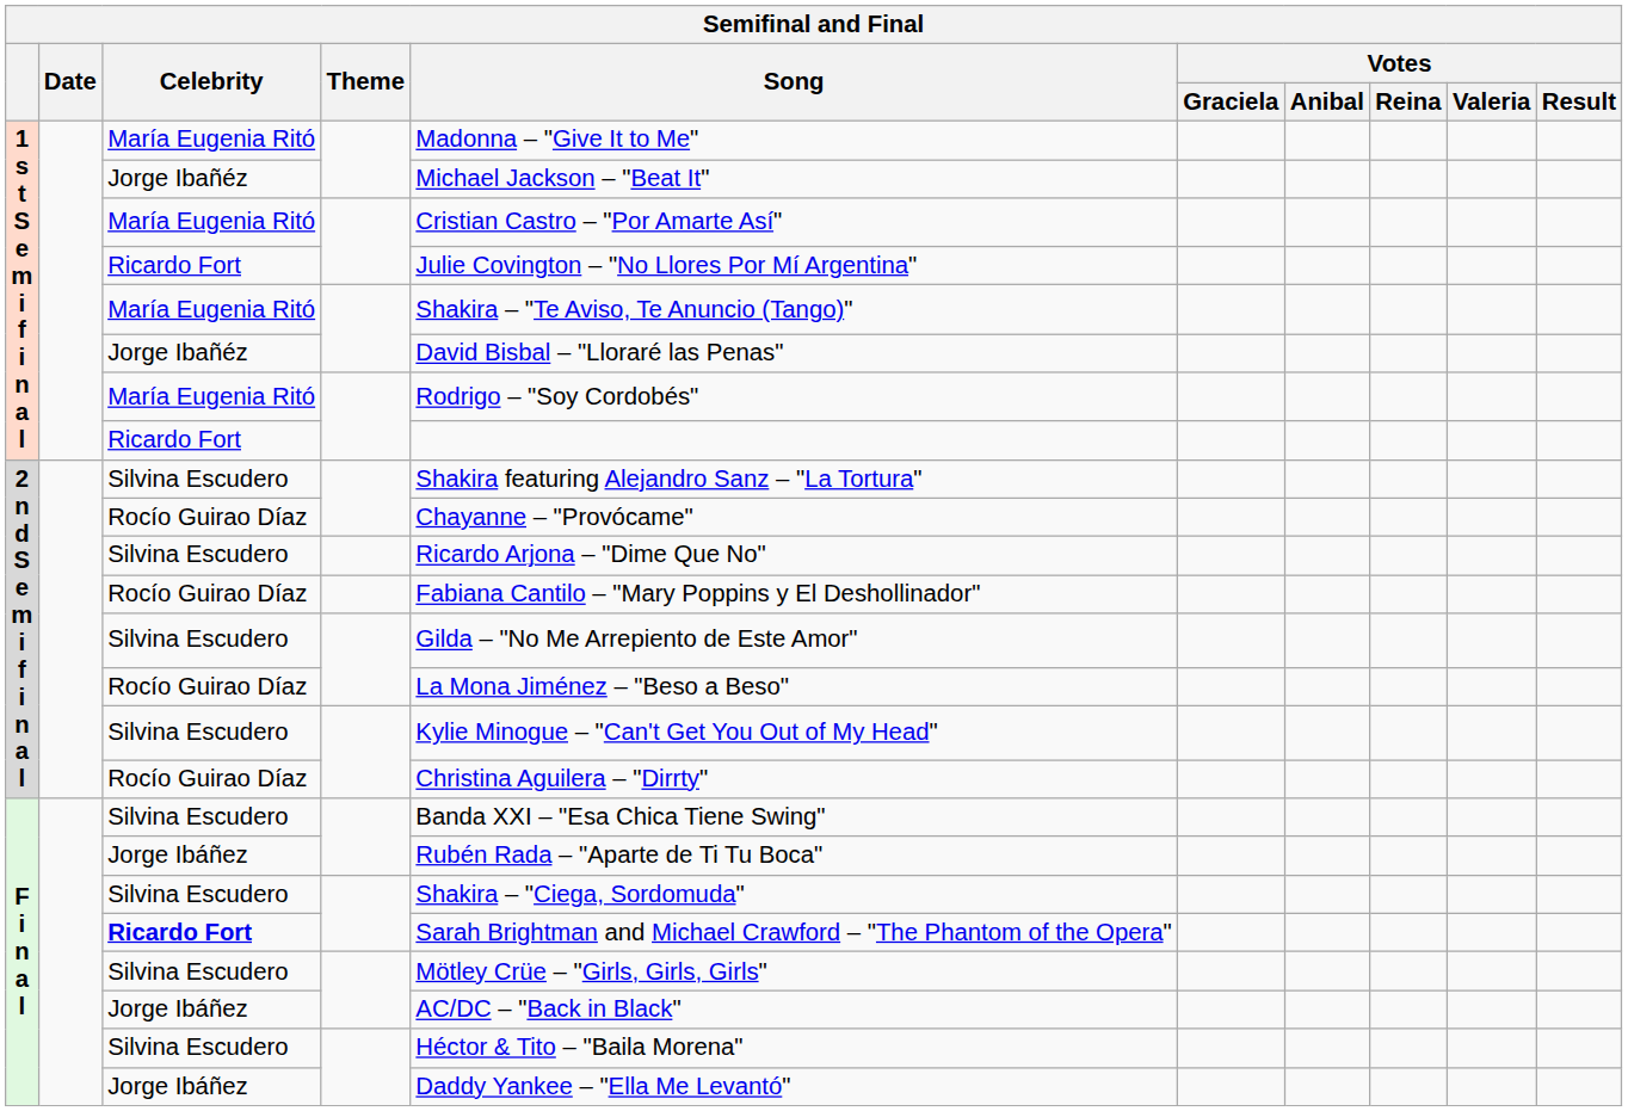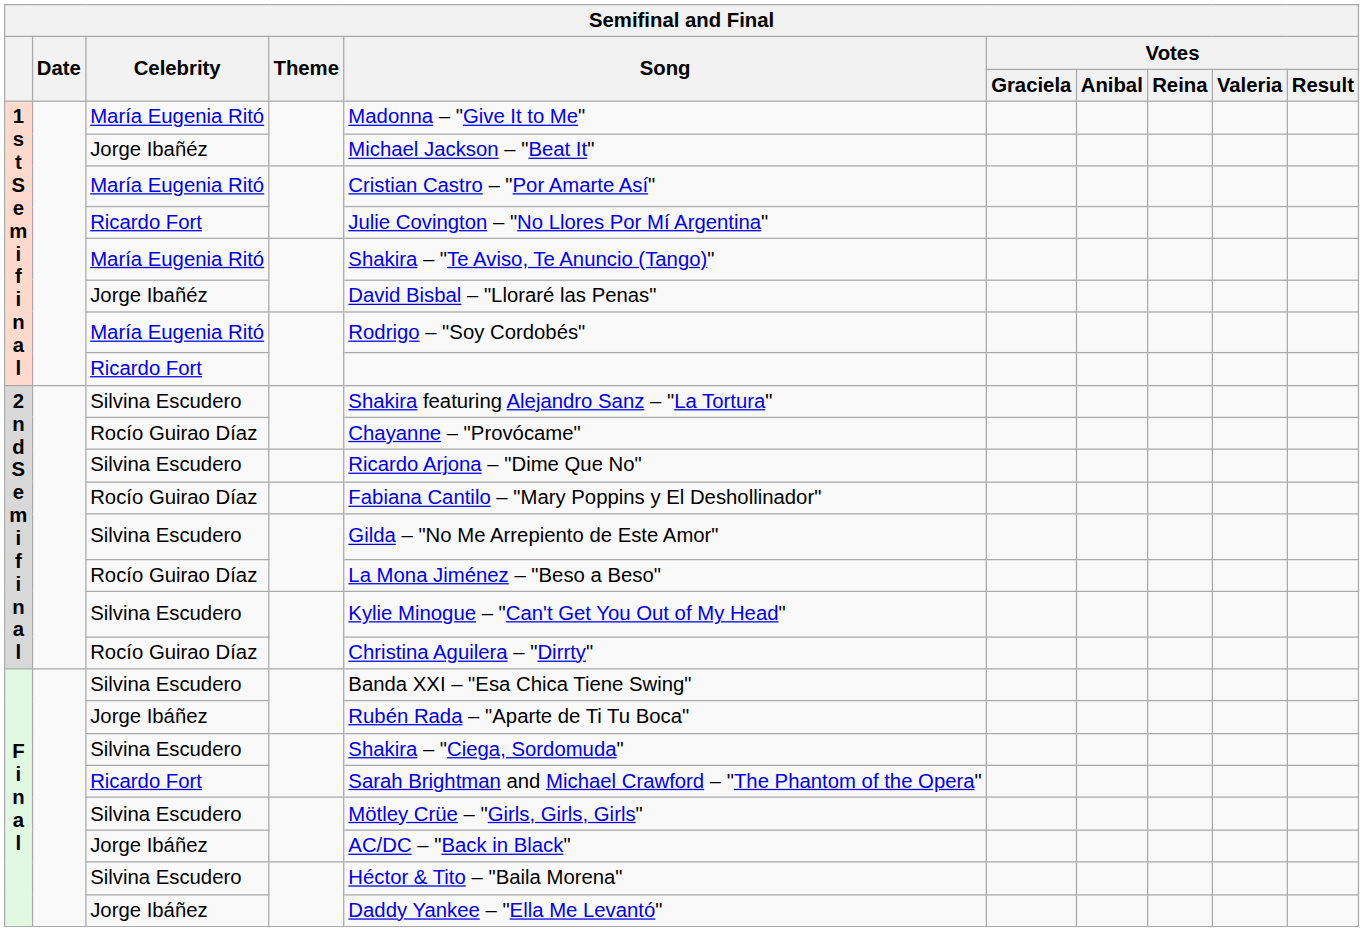 <table class="wikitable collapsible collapsed">
 <tr>
 <th colspan="10" align=center>Semifinal and Final</th>
 </tr>
 <tr>
 <th rowspan="2"></th>
 <th rowspan="2">Date</th>
 <th rowspan="2">Celebrity</th>
 <th rowspan="2">Theme</th>
 <th rowspan="2">Song</th>
 <th colspan="5">Votes</th>
 </tr>
 <tr>
 <th>Graciela</th>
 <th>Anibal</th>
 <th>Reina</th>
 <th>Valeria</th>
 <th>Result</th>
 </tr>
 <tr>
 <th rowspan="8" style="text-align:center; background:#ffdacc; textcolor:#000;"><span>1<br>s<br>t<br>S<br>e<br>m<br>i<br>f<br>i<br>n<br>a<br>l</span></th>
 <td rowspan="8"></td>
 <td><a href='#'>María Eugenia Ritó</a></td>
 <td rowspan="2"></td>
 <td><a href='#'>Madonna</a> – "<a href='#'>Give It to Me</a>"</td>
 <td></td>
 <td></td>
 <td></td>
 <td></td>
 <td></td>
 </tr>
 <tr>
 <td>Jorge Ibañéz</td>
 <td><a href='#'>Michael Jackson</a> – "<a href='#'>Beat It</a>"</td>
 <td></td>
 <td></td>
 <td></td>
 <td></td>
 <td></td>
 </tr>
 <tr>
 <td><a href='#'>María Eugenia Ritó</a></td>
 <td rowspan="2"></td>
 <td><a href='#'>Cristian Castro</a> – "<a href='#'>Por Amarte Así</a>"</td>
 <td></td>
 <td></td>
 <td></td>
 <td></td>
 <td></td>
 </tr>
 <tr>
 <td><a href='#'>Ricardo Fort</a></td>
 <td><a href='#'>Julie Covington</a> – "<a href='#'>No Llores Por Mí Argentina</a>"</td>
 <td></td>
 <td></td>
 <td></td>
 <td></td>
 <td></td>
 </tr>
 <tr>
 <td><a href='#'>María Eugenia Ritó</a></td>
 <td rowspan="2"></td>
 <td><a href='#'>Shakira</a> – "<a href='#'>Te Aviso, Te Anuncio (Tango)</a>"</td>
 <td></td>
 <td></td>
 <td></td>
 <td></td>
 <td></td>
 </tr>
 <tr>
 <td>Jorge Ibañéz</td>
 <td><a href='#'>David Bisbal</a> – "Lloraré las Penas"</td>
 <td></td>
 <td></td>
 <td></td>
 <td></td>
 <td></td>
 </tr>
 <tr>
 <td><a href='#'>María Eugenia Ritó</a></td>
 <td rowspan="2"></td>
 <td><a href='#'>Rodrigo</a> – "Soy Cordobés"</td>
 <td></td>
 <td></td>
 <td></td>
 <td></td>
 <td></td>
 </tr>
 <tr>
 <td><a href='#'>Ricardo Fort</a></td>
 <td></td>
 <td></td>
 <td></td>
 <td></td>
 <td></td>
 <td></td>
 </tr>
 <tr>
 <th rowspan="8" style="text-align:center; background:#d8d8d8; textcolor:#000;"><span>2<br>n<br>d<br>S<br>e<br>m<br>i<br>f<br>i<br>n<br>a<br>l</span></th>
 <td rowspan="8"></td>
 <td>Silvina Escudero</td>
 <td rowspan="2"></td>
 <td><a href='#'>Shakira</a> featuring <a href='#'>Alejandro Sanz</a> – "<a href='#'>La Tortura</a>"</td>
 <td></td>
 <td></td>
 <td></td>
 <td></td>
 <td></td>
 </tr>
 <tr>
 <td>Rocío Guirao Díaz</td>
 <td><a href='#'>Chayanne</a> – "Provócame"</td>
 <td></td>
 <td></td>
 <td></td>
 <td></td>
 <td></td>
 </tr>
 <tr>
 <td>Silvina Escudero</td>
 <td></td>
 <td><a href='#'>Ricardo Arjona</a> – "Dime Que No"</td>
 <td></td>
 <td></td>
 <td></td>
 <td></td>
 <td></td>
 </tr>
 <tr>
 <td>Rocío Guirao Díaz</td>
 <td></td>
 <td><a href='#'>Fabiana Cantilo</a> – "Mary Poppins y El Deshollinador"</td>
 <td></td>
 <td></td>
 <td></td>
 <td></td>
 <td></td>
 </tr>
 <tr>
 <td>Silvina Escudero</td>
 <td rowspan="2"></td>
 <td><a href='#'>Gilda</a> – "No Me Arrepiento de Este Amor"</td>
 <td></td>
 <td></td>
 <td></td>
 <td></td>
 <td></td>
 </tr>
 <tr>
 <td>Rocío Guirao Díaz</td>
 <td><a href='#'>La Mona Jiménez</a> – "Beso a Beso"</td>
 <td></td>
 <td></td>
 <td></td>
 <td></td>
 <td></td>
 </tr>
 <tr>
 <td>Silvina Escudero</td>
 <td rowspan="2"></td>
 <td><a href='#'>Kylie Minogue</a> – "<a href='#'>Can't Get You Out of My Head</a>"</td>
 <td></td>
 <td></td>
 <td></td>
 <td></td>
 <td></td>
 </tr>
 <tr>
 <td>Rocío Guirao Díaz</td>
 <td><a href='#'>Christina Aguilera</a> – "<a href='#'>Dirrty</a>"</td>
 <td></td>
 <td></td>
 <td></td>
 <td></td>
 <td></td>
 </tr>
 <tr>
 <th rowspan="8" style="text-align:center; background:#E0F9E0; textcolor:#000;"><span>F<br>i<br>n<br>a<br>l</span></th>
 <td rowspan="8"></td>
 <td>Silvina Escudero</td>
 <td rowspan="2"></td>
 <td>Banda XXI – "Esa Chica Tiene Swing"</td>
 <td></td>
 <td></td>
 <td></td>
 <td></td>
 <td></td>
 </tr>
 <tr>
 <td>Jorge Ibáñez</td>
 <td><a href='#'>Rubén Rada</a> – "Aparte de Ti Tu Boca"</td>
 <td></td>
 <td></td>
 <td></td>
 <td></td>
 <td></td>
 </tr>
 <tr>
 <td>Silvina Escudero</td>
 <td rowspan="2"></td>
 <td><a href='#'>Shakira</a> – "<a href='#'>Ciega, Sordomuda</a>"</td>
 <td></td>
 <td></td>
 <td></td>
 <td></td>
 <td></td>
 </tr>
 <tr>
-<td><strong><a href='#'>Ricardo Fort</a></strong></td>
+<td><a href='#'>Ricardo Fort</a></td>
 <td><a href='#'>Sarah Brightman</a> and <a href='#'>Michael Crawford</a> – "<a href='#'>The Phantom of the Opera</a>"</td>
 <td></td>
 <td></td>
 <td></td>
 <td></td>
 <td></td>
 </tr>
 <tr>
 <td>Silvina Escudero</td>
 <td rowspan="2"></td>
 <td><a href='#'>Mötley Crüe</a> – "<a href='#'>Girls, Girls, Girls</a>"</td>
 <td></td>
 <td></td>
 <td></td>
 <td></td>
 <td></td>
 </tr>
 <tr>
 <td>Jorge Ibáñez</td>
 <td><a href='#'>AC/DC</a> – "<a href='#'>Back in Black</a>"</td>
 <td></td>
 <td></td>
 <td></td>
 <td></td>
 <td></td>
 </tr>
 <tr>
 <td>Silvina Escudero</td>
 <td rowspan="2"></td>
 <td><a href='#'>Héctor & Tito</a> – "Baila Morena"</td>
 <td></td>
 <td></td>
 <td></td>
 <td></td>
 <td></td>
 </tr>
 <tr>
 <td>Jorge Ibáñez</td>
 <td><a href='#'>Daddy Yankee</a> – "<a href='#'>Ella Me Levantó</a>"</td>
 <td></td>
 <td></td>
 <td></td>
 <td></td>
 <td></td>
 </tr>
 </table>
